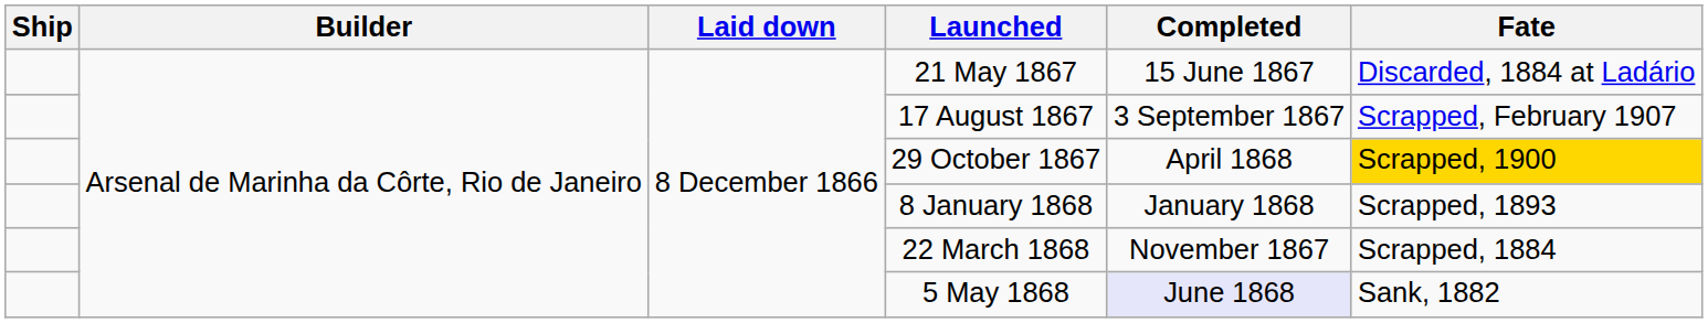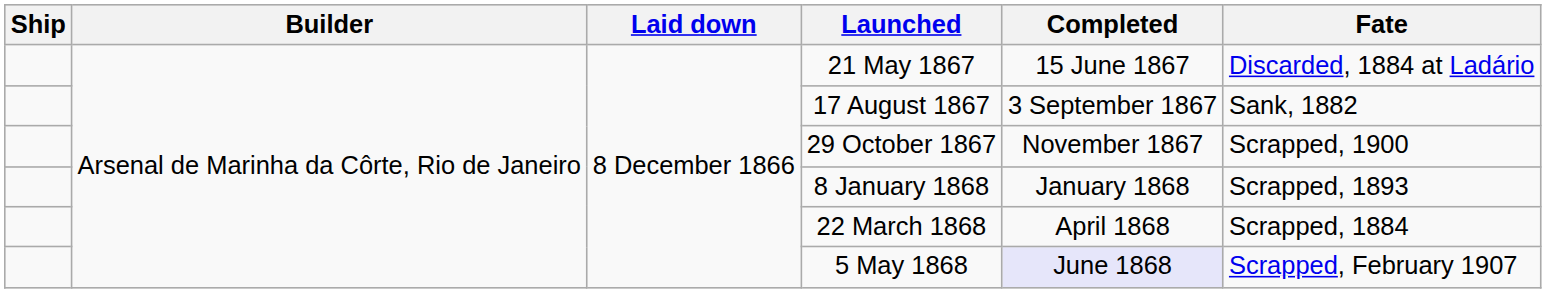 <table class="wikitable plainrowheaders">
 <tr>
 <th scope="col">Ship</th>
 <th scope="col">Builder</th>
 <th scope="col"><a href='#'>Laid down</a></th>
 <th scope="col"><a href='#'>Launched</a></th>
 <th scope="col">Completed</th>
 <th scope="col">Fate</th>
 </tr>
 <tr>
 <td scope="row"></td>
 <td rowspan=6>Arsenal de Marinha da Côrte, Rio de Janeiro</td>
 <td rowspan=6 align=center>8 December 1866</td>
 <td align=center>21 May 1867</td>
 <td align=center>15 June 1867</td>
 <td><a href='#'>Discarded</a>, 1884 at <a href='#'>Ladário</a></td>
 </tr>
 <tr>
 <td scope="row"></td>
 <td align=center>17 August 1867</td>
 <td align=center>3 September 1867</td>
-<td><a href='#'>Scrapped</a>, February 1907</td>
+<td>Sank, 1882</td>
 </tr>
 <tr>
 <td scope="row"></td>
 <td align=center>29 October 1867</td>
-<td align=center>April 1868</td>
-<td style="background: gold;">Scrapped, 1900</td>
+<td align=center>November 1867</td>
+<td>Scrapped, 1900</td>
 </tr>
 <tr>
 <td scope="row"></td>
 <td align=center>8 January 1868</td>
 <td align=center>January 1868</td>
 <td>Scrapped, 1893</td>
 </tr>
 <tr>
 <td scope="row"></td>
 <td align=center>22 March 1868</td>
-<td align=center>November 1867</td>
+<td align=center>April 1868</td>
 <td>Scrapped, 1884</td>
 </tr>
 <tr>
 <td scope="row"></td>
 <td align=center>5 May 1868</td>
 <td align=center style="background: lavender;">June 1868</td>
-<td>Sank, 1882</td>
+<td><a href='#'>Scrapped</a>, February 1907</td>
 </tr>
 </table>
